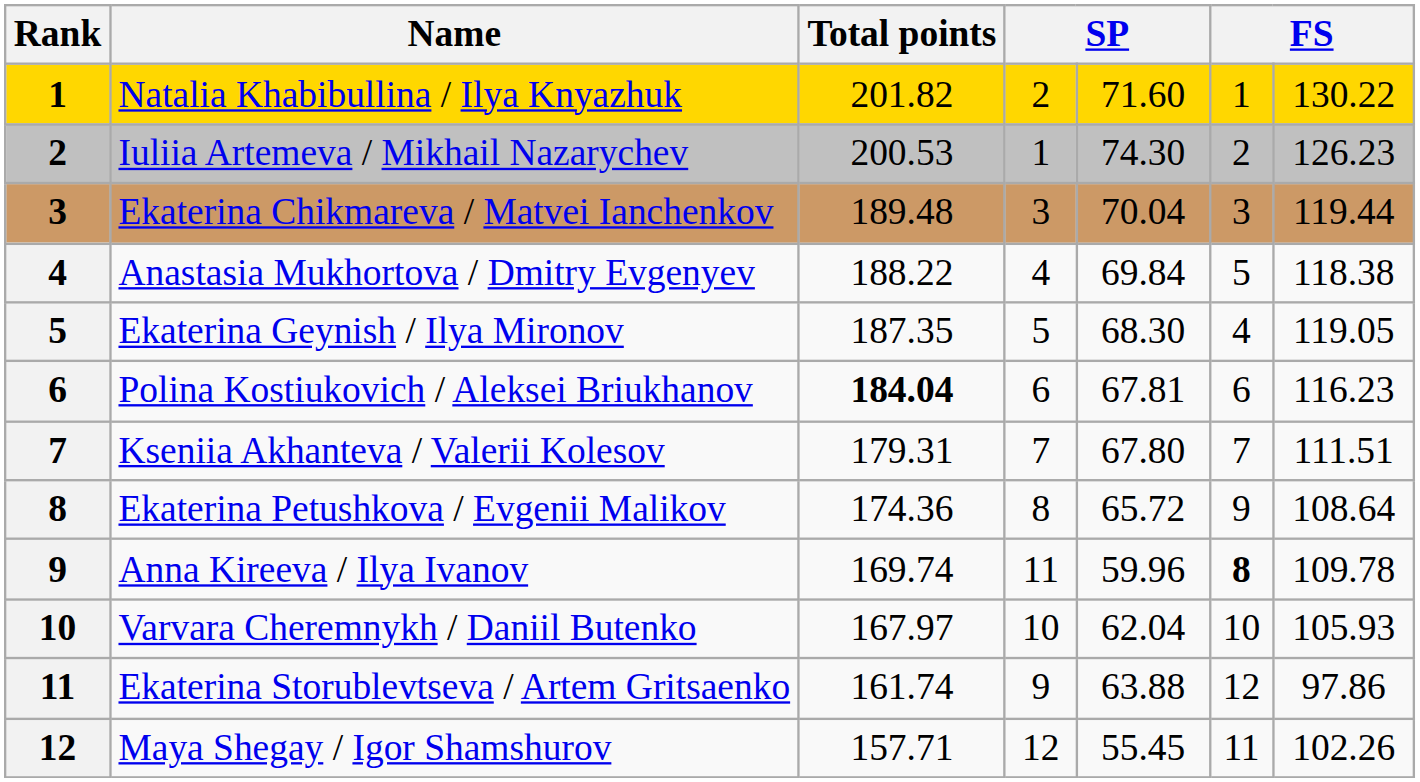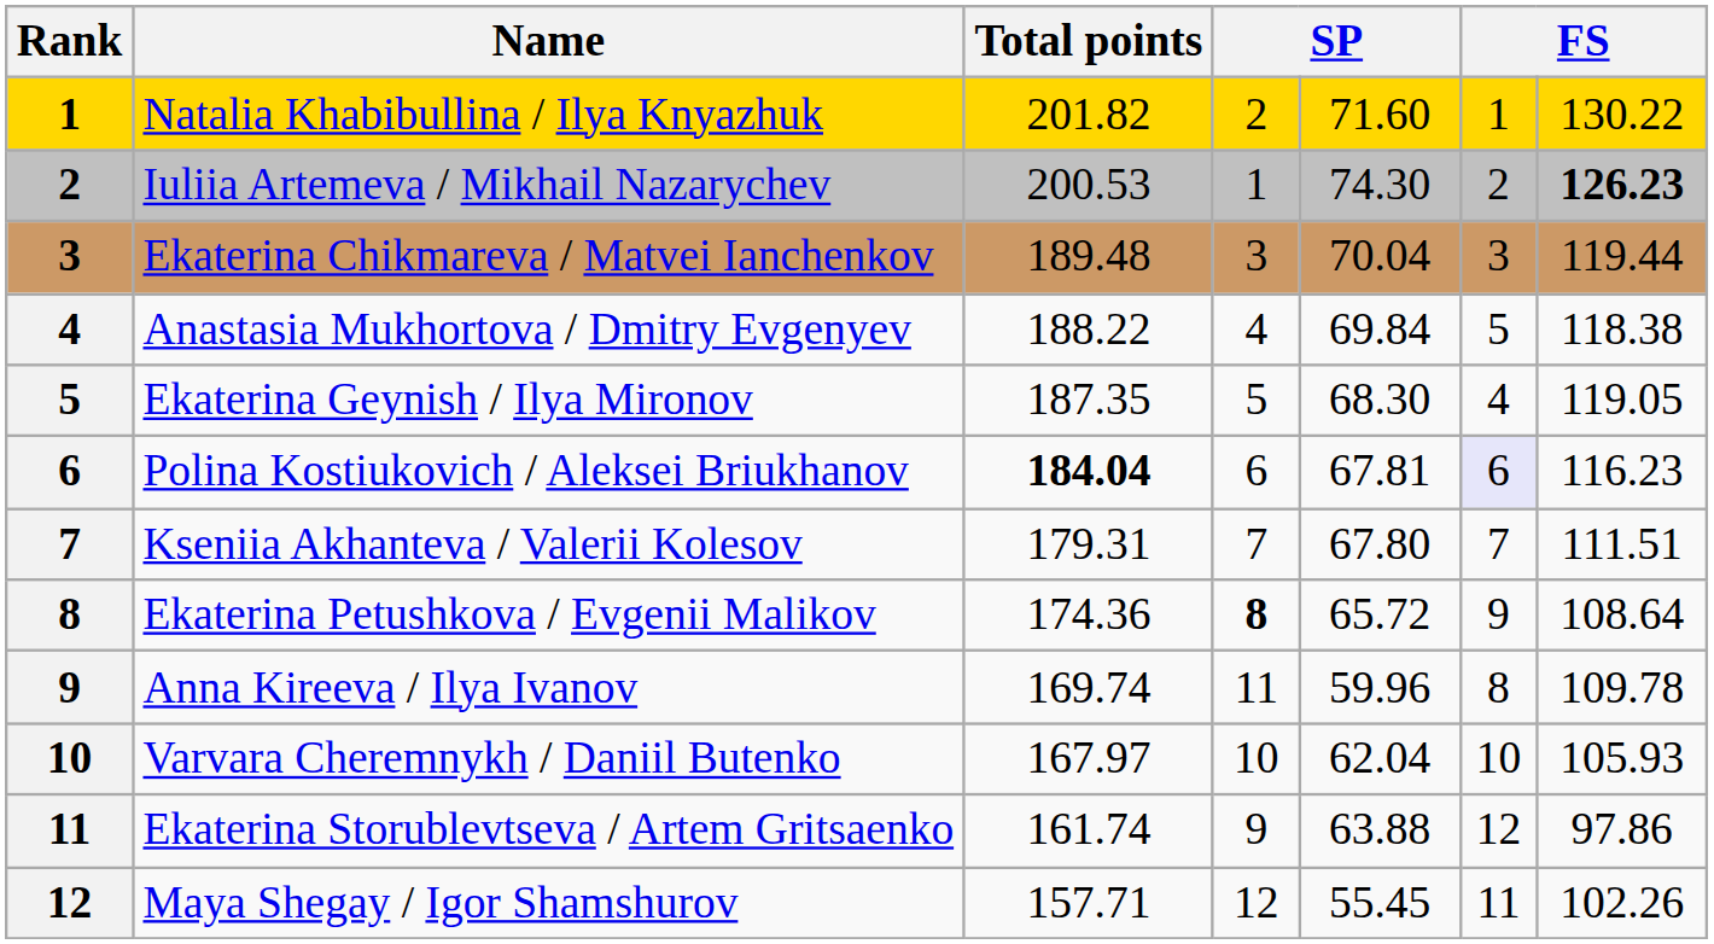 <table class="wikitable sortable">
 <tr>
 <th>Rank</th>
 <th>Name</th>
 <th>Total points</th>
 <th colspan="2" width="80px"><a href='#'>SP</a></th>
 <th colspan="2" width="80px"><a href='#'>FS</a></th>
 </tr>
 <tr bgcolor="gold">
 <td align="center"><strong>1</strong></td>
 <td><a href='#'>Natalia Khabibullina</a> / <a href='#'>Ilya Knyazhuk</a></td>
 <td align="center">201.82</td>
 <td align="center">2</td>
 <td align="center">71.60</td>
 <td align="center">1</td>
 <td align="center">130.22</td>
 </tr>
 <tr bgcolor="silver">
 <td align="center"><strong>2</strong></td>
 <td><a href='#'>Iuliia Artemeva</a> / <a href='#'>Mikhail Nazarychev</a></td>
 <td align="center">200.53</td>
 <td align="center">1</td>
 <td align="center">74.30</td>
 <td align="center">2</td>
-<td align="center">126.23</td>
+<td align="center"><strong>126.23</strong></td>
 </tr>
 <tr bgcolor="cc9966">
 <td align="center"><strong>3</strong></td>
 <td><a href='#'>Ekaterina Chikmareva</a> / <a href='#'>Matvei Ianchenkov</a></td>
 <td align="center">189.48</td>
 <td align="center">3</td>
 <td align="center">70.04</td>
 <td align="center">3</td>
 <td align="center">119.44</td>
 </tr>
 <tr>
 <th>4</th>
 <td><a href='#'>Anastasia Mukhortova</a> / <a href='#'>Dmitry Evgenyev</a></td>
 <td align="center">188.22</td>
 <td align="center">4</td>
 <td align="center">69.84</td>
 <td align="center">5</td>
 <td align="center">118.38</td>
 </tr>
 <tr>
 <th>5</th>
 <td><a href='#'>Ekaterina Geynish</a> / <a href='#'>Ilya Mironov</a></td>
 <td align="center">187.35</td>
 <td align="center">5</td>
 <td align="center">68.30</td>
 <td align="center">4</td>
 <td align="center">119.05</td>
 </tr>
 <tr>
 <th>6</th>
 <td><a href='#'>Polina Kostiukovich</a> / <a href='#'>Aleksei Briukhanov</a></td>
 <td align="center"><strong>184.04</strong></td>
 <td align="center">6</td>
 <td align="center">67.81</td>
-<td align="center">6</td>
+<td align="center" style="background: lavender;">6</td>
 <td align="center">116.23</td>
 </tr>
 <tr>
 <th>7</th>
 <td><a href='#'>Kseniia Akhanteva</a> / <a href='#'>Valerii Kolesov</a></td>
 <td align="center">179.31</td>
 <td align="center">7</td>
 <td align="center">67.80</td>
 <td align="center">7</td>
 <td align="center">111.51</td>
 </tr>
 <tr>
 <th>8</th>
 <td><a href='#'>Ekaterina Petushkova</a> / <a href='#'>Evgenii Malikov</a></td>
 <td align="center">174.36</td>
-<td align="center">8</td>
+<td align="center"><strong>8</strong></td>
 <td align="center">65.72</td>
 <td align="center">9</td>
 <td align="center">108.64</td>
 </tr>
 <tr>
 <th>9</th>
 <td><a href='#'>Anna Kireeva</a> / <a href='#'>Ilya Ivanov</a></td>
 <td align="center">169.74</td>
 <td align="center">11</td>
 <td align="center">59.96</td>
-<td align="center"><strong>8</strong></td>
+<td align="center">8</td>
 <td align="center">109.78</td>
 </tr>
 <tr>
 <th>10</th>
 <td><a href='#'>Varvara Cheremnykh</a> / <a href='#'>Daniil Butenko</a></td>
 <td align="center">167.97</td>
 <td align="center">10</td>
 <td align="center">62.04</td>
 <td align="center">10</td>
 <td align="center">105.93</td>
 </tr>
 <tr>
 <th>11</th>
 <td><a href='#'>Ekaterina Storublevtseva</a> / <a href='#'>Artem Gritsaenko</a></td>
 <td align="center">161.74</td>
 <td align="center">9</td>
 <td align="center">63.88</td>
 <td align="center">12</td>
 <td align="center">97.86</td>
 </tr>
 <tr>
 <th>12</th>
 <td><a href='#'>Maya Shegay</a> / <a href='#'>Igor Shamshurov</a></td>
 <td align="center">157.71</td>
 <td align="center">12</td>
 <td align="center">55.45</td>
 <td align="center">11</td>
 <td align="center">102.26</td>
 </tr>
 </table>
